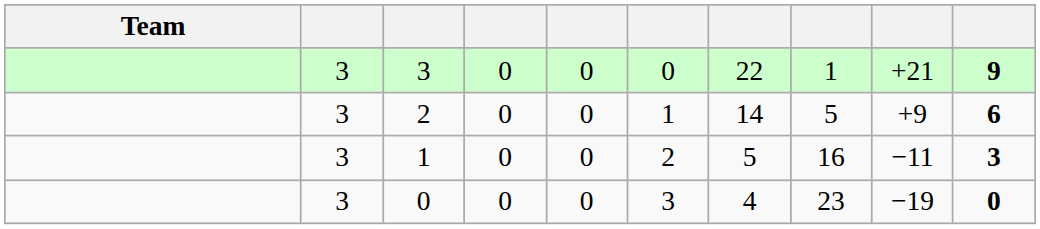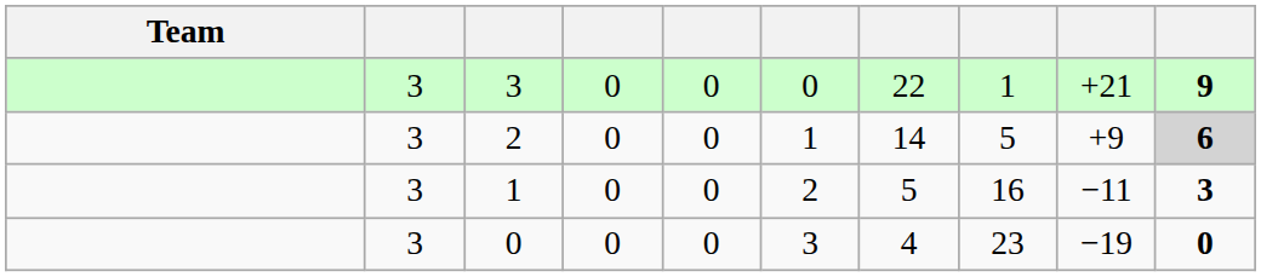 <table class="wikitable" style="text-align:center;">
 <tr>
 <th width=165>Team</th>
 <th width=40></th>
 <th width=40></th>
 <th width=40></th>
 <th width=40></th>
 <th width=40></th>
 <th width=40></th>
 <th width=40></th>
 <th width=40></th>
 <th width=40></th>
 </tr>
 <tr bgcolor=ccffcc>
 <td style="text-align:left;"></td>
 <td>3</td>
 <td>3</td>
 <td>0</td>
 <td>0</td>
 <td>0</td>
 <td>22</td>
 <td>1</td>
 <td>+21</td>
 <td><strong>9</strong></td>
 </tr>
 <tr>
 <td style="text-align:left;"></td>
 <td>3</td>
 <td>2</td>
 <td>0</td>
 <td>0</td>
 <td>1</td>
 <td>14</td>
 <td>5</td>
 <td>+9</td>
-<td><strong>6</strong></td>
+<td style="background: lightgrey;"><strong>6</strong></td>
 </tr>
 <tr>
 <td style="text-align:left;"></td>
 <td>3</td>
 <td>1</td>
 <td>0</td>
 <td>0</td>
 <td>2</td>
 <td>5</td>
 <td>16</td>
 <td>−11</td>
 <td><strong>3</strong></td>
 </tr>
 <tr>
 <td style="text-align:left;"></td>
 <td>3</td>
 <td>0</td>
 <td>0</td>
 <td>0</td>
 <td>3</td>
 <td>4</td>
 <td>23</td>
 <td>−19</td>
 <td><strong>0</strong></td>
 </tr>
 </table>
